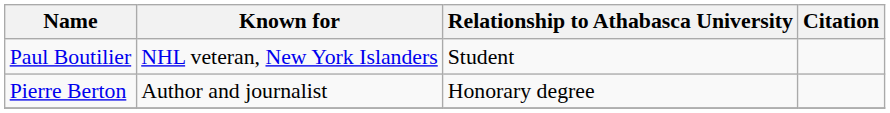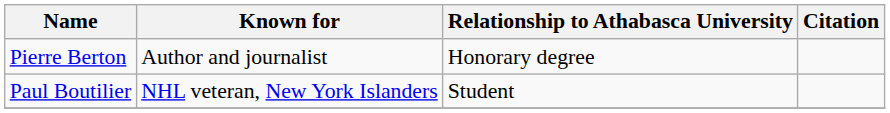 <table class="wikitable">
 <tr>
 <th>Name</th>
 <th>Known for</th>
 <th>Relationship to Athabasca University</th>
 <th>Citation</th>
 </tr>
 <tr>
+<td><a href='#'>Pierre Berton</a></td>
+<td>Author and journalist</td>
+<td>Honorary degree</td>
+<td></td>
+</tr>
+<tr>
 <td><a href='#'>Paul Boutilier</a></td>
 <td><a href='#'>NHL</a> veteran, <a href='#'>New York Islanders</a></td>
 <td>Student</td>
 <td></td>
 </tr>
 <tr>
-<td><a href='#'>Pierre Berton</a></td>
-<td>Author and journalist</td>
-<td>Honorary degree</td>
-<td></td>
-</tr>
-<tr>
 </tr>
 </table>
